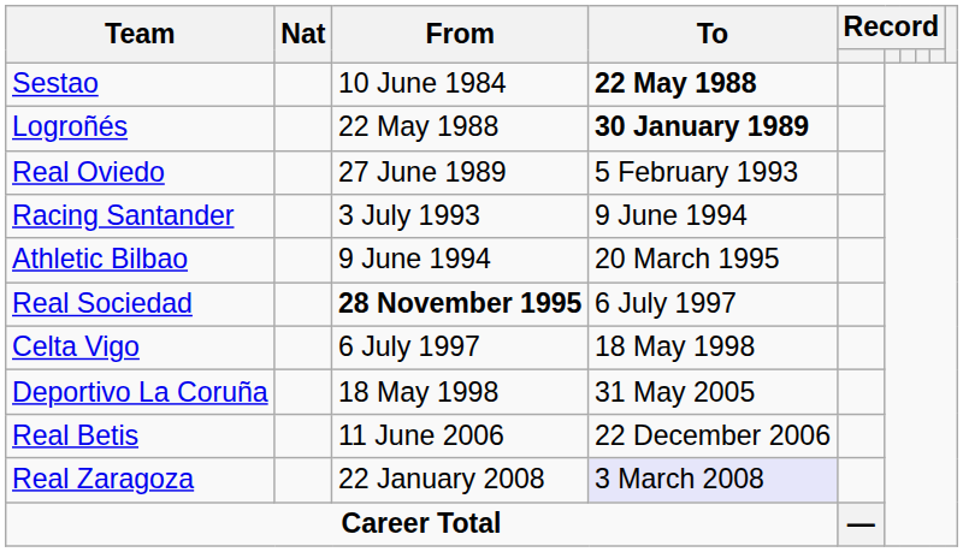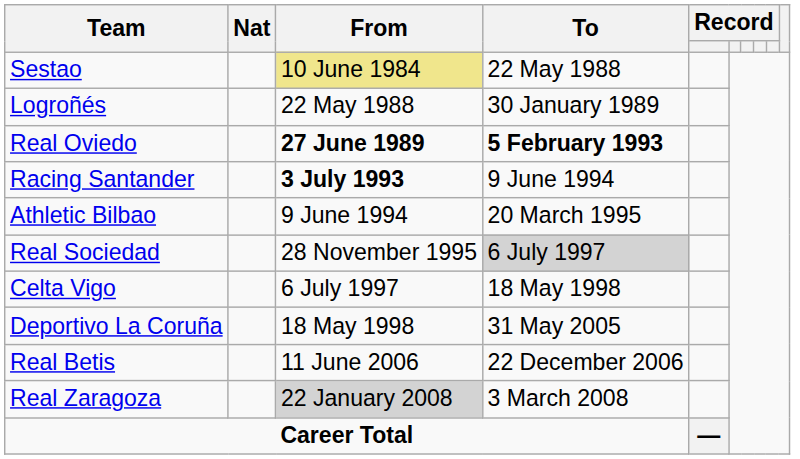 <table class="wikitable" style="text-align: center">
 <tr>
 <th rowspan="2">Team</th>
 <th rowspan="2">Nat</th>
 <th rowspan="2">From</th>
 <th rowspan="2">To</th>
 <th colspan="5">Record</th>
 <th rowspan=2></th>
 </tr>
 <tr>
 <th></th>
 <th></th>
 <th></th>
 <th></th>
 <th></th>
 </tr>
 <tr>
 <td align="left"><a href='#'>Sestao</a></td>
 <td></td>
-<td align=left>10 June 1984</td>
-<td align=left><strong>22 May 1988<br></strong></td>
+<td align=left style="background: khaki;">10 June 1984</td>
+<td align=left>22 May 1988<br></td>
 <td></td>
 </tr>
 <tr>
 <td align="left"><a href='#'>Logroñés</a></td>
 <td></td>
 <td align=left>22 May 1988</td>
-<td align=left><strong>30 January 1989<br></strong></td>
+<td align=left>30 January 1989<br></td>
 <td></td>
 </tr>
 <tr>
 <td align="left"><a href='#'>Real Oviedo</a></td>
 <td></td>
-<td align=left>27 June 1989</td>
-<td align=left>5 February 1993<br></td>
+<td align=left><strong>27 June 1989</strong></td>
+<td align=left><strong>5 February 1993<br></strong></td>
 <td></td>
 </tr>
 <tr>
 <td align="left"><a href='#'>Racing Santander</a></td>
 <td></td>
-<td align=left>3 July 1993</td>
+<td align=left><strong>3 July 1993</strong></td>
 <td align=left>9 June 1994<br></td>
 <td></td>
 </tr>
 <tr>
 <td align="left"><a href='#'>Athletic Bilbao</a></td>
 <td></td>
 <td align=left>9 June 1994</td>
 <td align=left>20 March 1995<br></td>
 <td></td>
 </tr>
 <tr>
 <td align="left"><a href='#'>Real Sociedad</a></td>
 <td></td>
-<td align=left><strong>28 November 1995</strong></td>
-<td align=left>6 July 1997<br></td>
+<td align=left>28 November 1995</td>
+<td align=left style="background: lightgrey;">6 July 1997<br></td>
 <td></td>
 </tr>
 <tr>
 <td align="left"><a href='#'>Celta Vigo</a></td>
 <td></td>
 <td align=left>6 July 1997</td>
 <td align=left>18 May 1998<br></td>
 <td></td>
 </tr>
 <tr>
 <td align="left"><a href='#'>Deportivo La Coruña</a></td>
 <td></td>
 <td align=left>18 May 1998</td>
 <td align=left>31 May 2005<br></td>
 <td></td>
 </tr>
 <tr>
 <td align="left"><a href='#'>Real Betis</a></td>
 <td></td>
 <td align=left>11 June 2006</td>
 <td align=left>22 December 2006<br></td>
 <td></td>
 </tr>
 <tr>
 <td align="left"><a href='#'>Real Zaragoza</a></td>
 <td></td>
-<td align=left>22 January 2008</td>
-<td align=left style="background: lavender;">3 March 2008<br></td>
+<td align=left style="background: lightgrey;">22 January 2008</td>
+<td align=left>3 March 2008<br></td>
 <td></td>
 </tr>
 <tr>
 <td colspan=4><strong>Career Total</strong><br></td>
 <th>—</th>
 </tr>
 </table>
